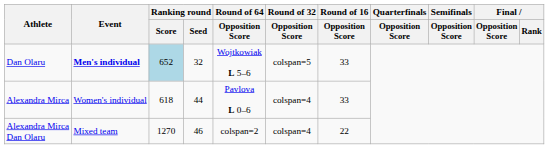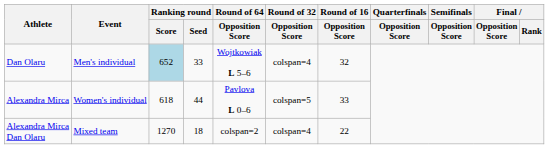 <table class="wikitable" style="font-size:90%">
 <tr>
 <th rowspan=2>Athlete</th>
 <th rowspan=2>Event</th>
 <th colspan=2>Ranking round</th>
 <th>Round of 64</th>
 <th>Round of 32</th>
 <th>Round of 16</th>
 <th>Quarterfinals</th>
 <th>Semifinals</th>
 <th colspan=2>Final / </th>
 </tr>
 <tr style="font-size:95%">
 <th>Score</th>
 <th>Seed</th>
 <th>Opposition<br>Score</th>
 <th>Opposition<br>Score</th>
 <th>Opposition<br>Score</th>
 <th>Opposition<br>Score</th>
 <th>Opposition<br>Score</th>
 <th>Opposition<br>Score</th>
 <th>Rank</th>
 </tr>
 <tr align=center>
 <td align=left><a href='#'>Dan Olaru</a></td>
-<td align=left><strong><a href='#'>Men's individual</a></strong></td>
+<td align=left><a href='#'>Men's individual</a></td>
 <td style="background: lightblue;">652</td>
+<td>33</td>
+<td><a href='#'>Wojtkowiak</a><br><br><strong>L</strong> 5–6</td>
+<td>colspan=4 </td>
 <td>32</td>
-<td><a href='#'>Wojtkowiak</a><br><br><strong>L</strong> 5–6</td>
-<td>colspan=5 </td>
-<td>33</td>
 </tr>
 <tr align=center>
 <td align=left><a href='#'>Alexandra Mirca</a></td>
 <td align=left><a href='#'>Women's individual</a></td>
 <td>618</td>
 <td>44</td>
 <td><a href='#'>Pavlova</a><br><br> <strong>L</strong> 0–6</td>
-<td>colspan=4 </td>
+<td>colspan=5 </td>
 <td>33</td>
 </tr>
 <tr align=center>
 <td align=left><a href='#'>Alexandra Mirca</a><br><a href='#'>Dan Olaru</a></td>
 <td align=left><a href='#'>Mixed team</a></td>
 <td>1270</td>
-<td>46</td>
+<td>18</td>
 <td>colspan=2 </td>
 <td>colspan=4 </td>
 <td>22</td>
 </tr>
 </table>
